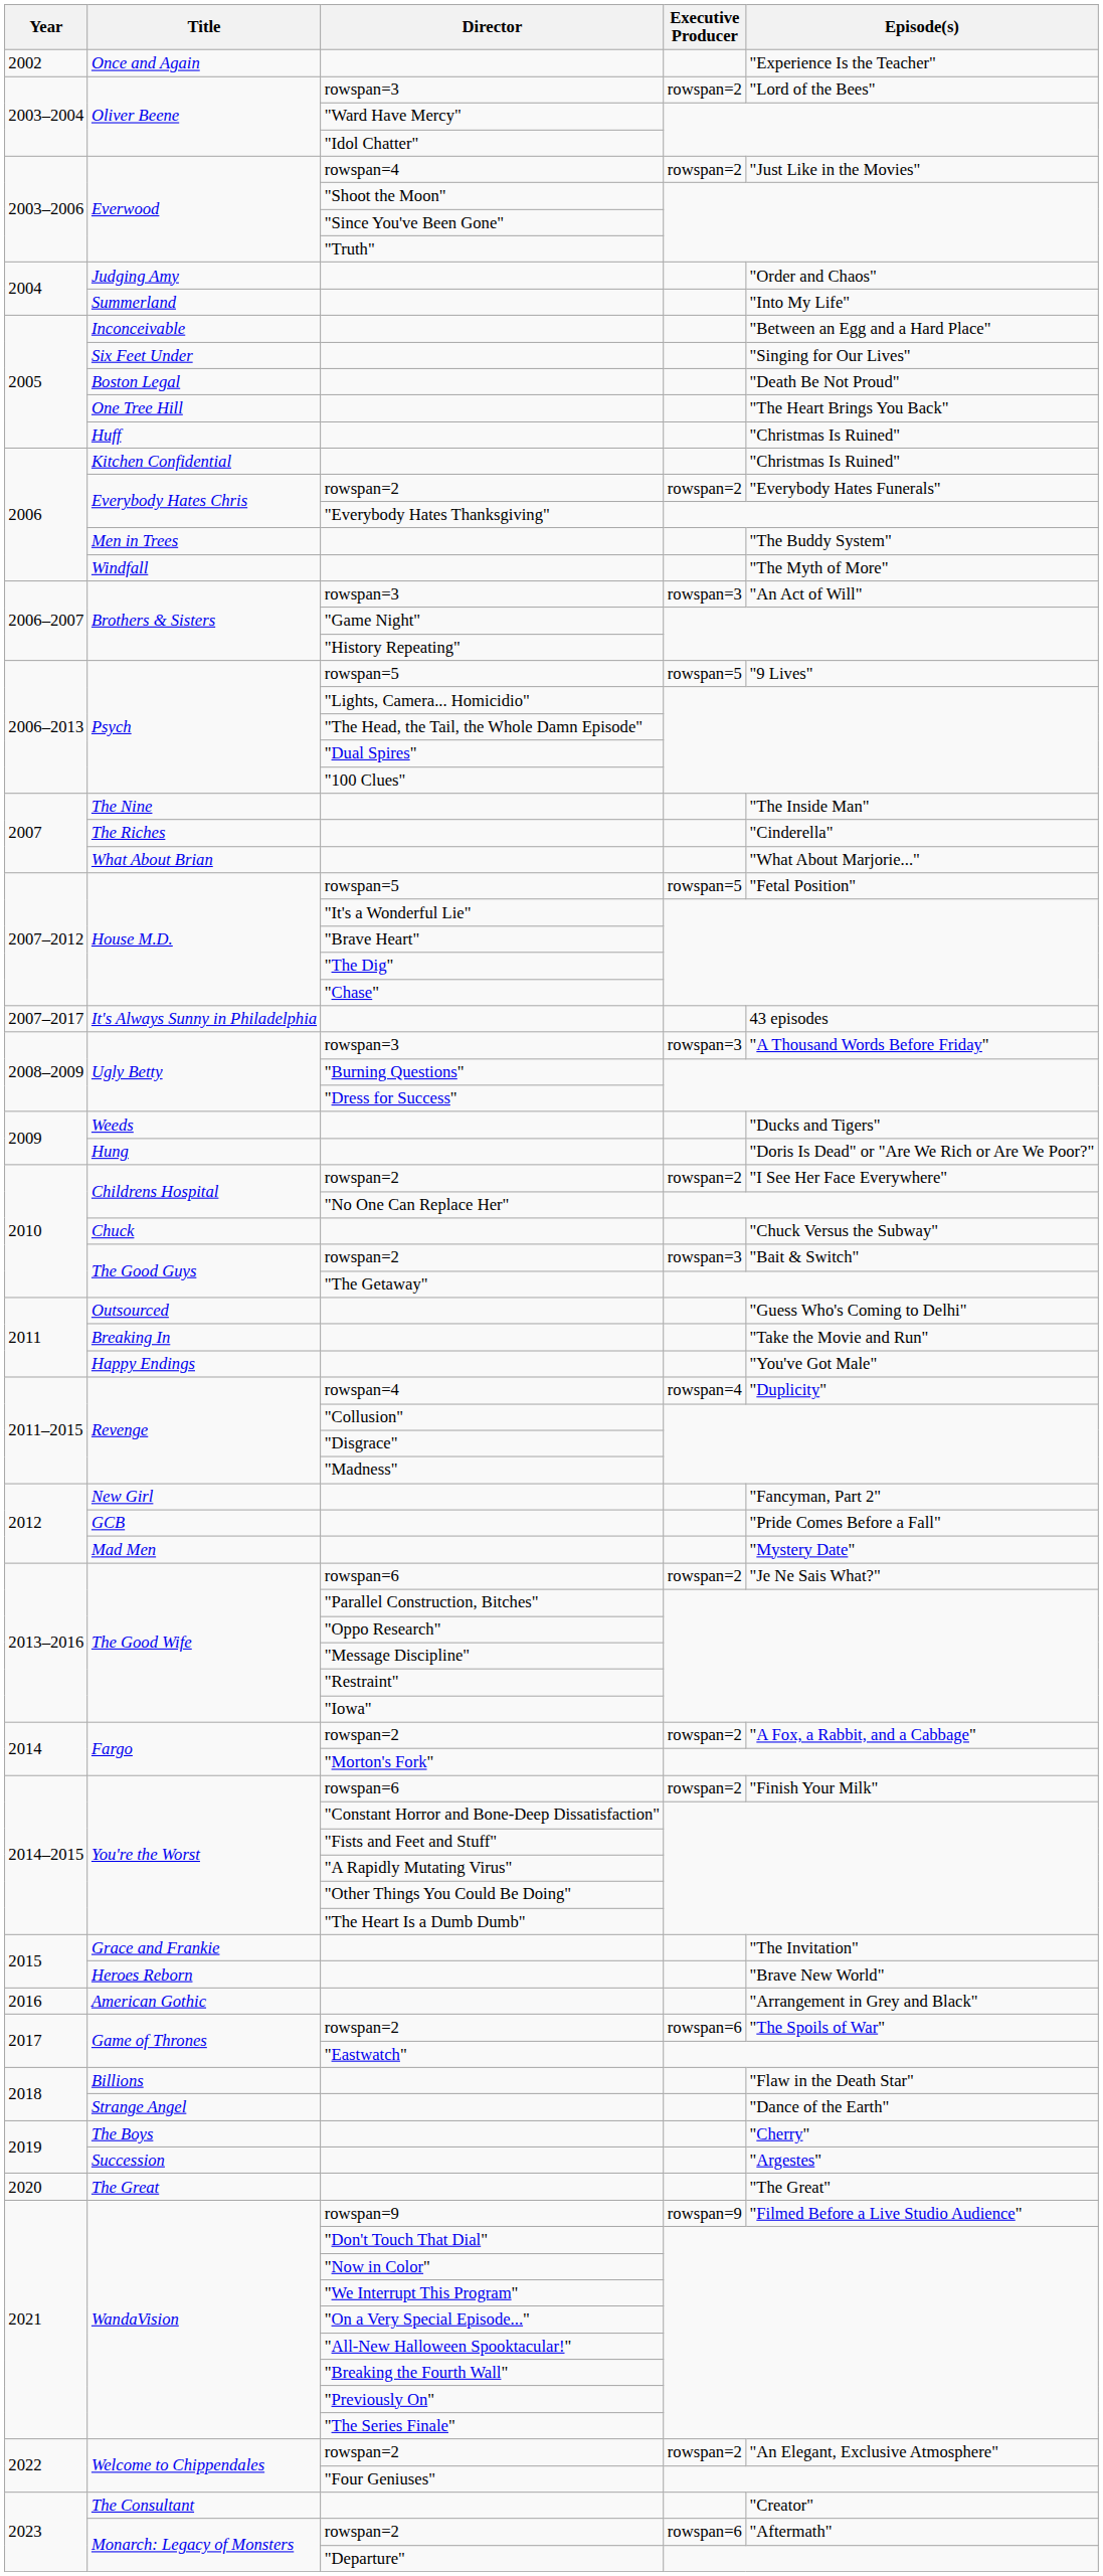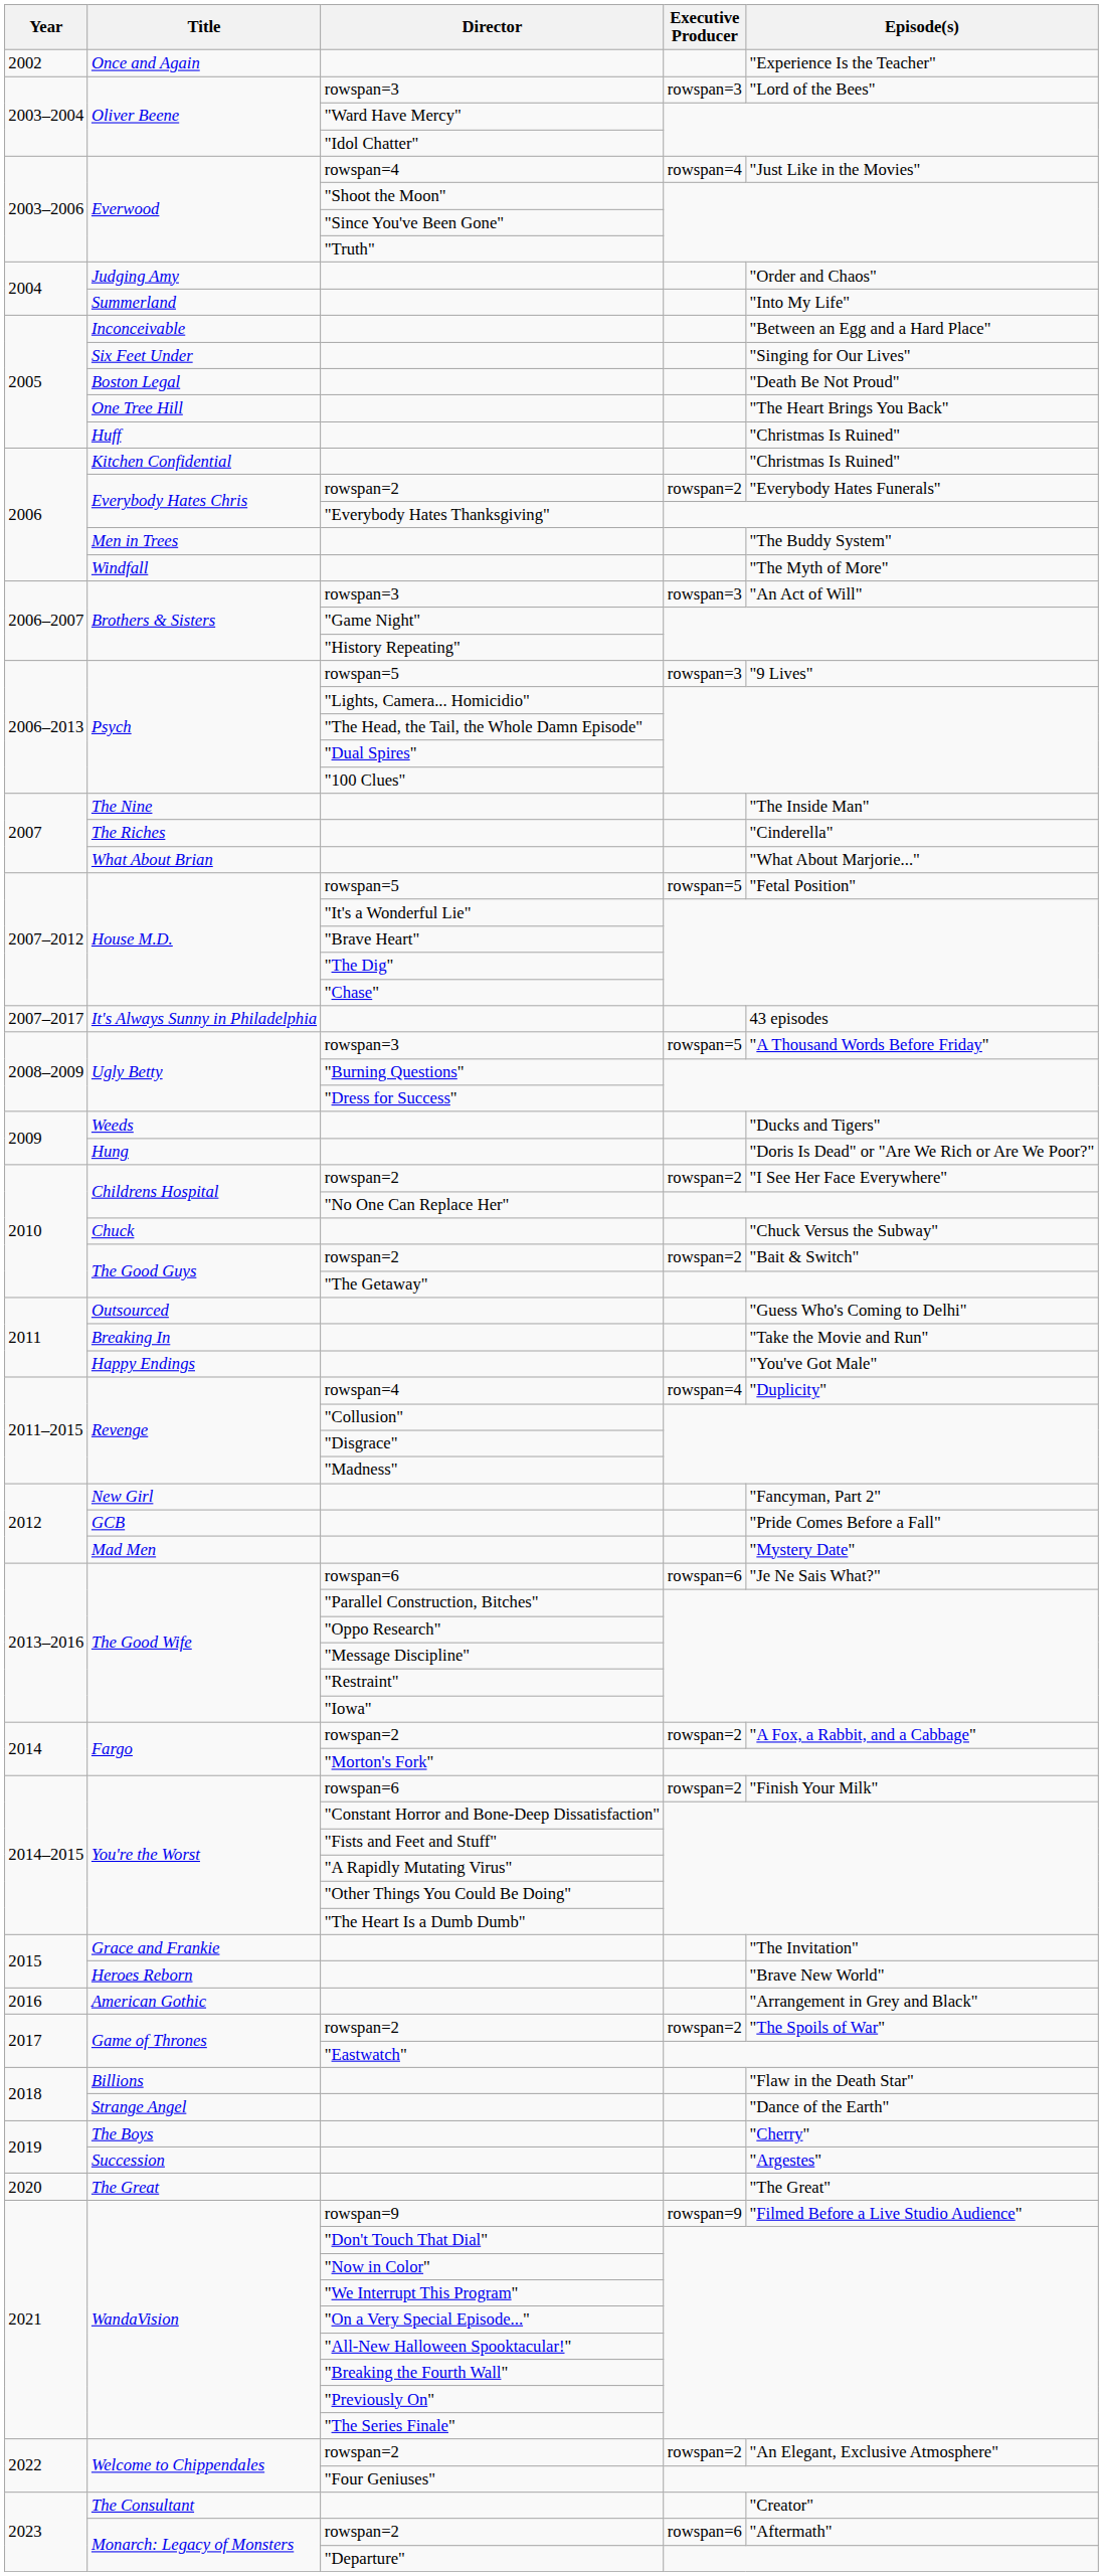 <table class="wikitable plainrowheaders">
 <tr>
 <th>Year</th>
 <th>Title</th>
 <th>Director</th>
 <th>Executive<br>Producer</th>
 <th>Episode(s)</th>
 </tr>
 <tr>
 <td>2002</td>
 <td><em><a href='#'>Once and Again</a></em></td>
 <td></td>
 <td></td>
 <td>"Experience Is the Teacher"</td>
 </tr>
 <tr>
 <td rowspan=3>2003–2004</td>
 <td rowspan=3><em><a href='#'>Oliver Beene</a></em></td>
 <td>rowspan=3 </td>
-<td>rowspan=2 </td>
+<td>rowspan=3 </td>
 <td>"Lord of the Bees"</td>
 </tr>
 <tr>
 <td>"Ward Have Mercy"</td>
 </tr>
 <tr>
 <td>"Idol Chatter"</td>
 </tr>
 <tr>
 <td rowspan=4>2003–2006</td>
 <td rowspan=4><em><a href='#'>Everwood</a></em></td>
 <td>rowspan=4 </td>
-<td>rowspan=2 </td>
+<td>rowspan=4 </td>
 <td>"Just Like in the Movies"</td>
 </tr>
 <tr>
 <td>"Shoot the Moon"</td>
 </tr>
 <tr>
 <td>"Since You've Been Gone"</td>
 </tr>
 <tr>
 <td>"Truth"</td>
 </tr>
 <tr>
 <td rowspan=2>2004</td>
 <td><em><a href='#'>Judging Amy</a></em></td>
 <td></td>
 <td></td>
 <td>"Order and Chaos"</td>
 </tr>
 <tr>
 <td><em><a href='#'>Summerland</a></em></td>
 <td></td>
 <td></td>
 <td>"Into My Life"</td>
 </tr>
 <tr>
 <td rowspan=5>2005</td>
 <td><em><a href='#'>Inconceivable</a></em></td>
 <td></td>
 <td></td>
 <td>"Between an Egg and a Hard Place"</td>
 </tr>
 <tr>
 <td><em><a href='#'>Six Feet Under</a></em></td>
 <td></td>
 <td></td>
 <td>"Singing for Our Lives"</td>
 </tr>
 <tr>
 <td><em><a href='#'>Boston Legal</a></em></td>
 <td></td>
 <td></td>
 <td>"Death Be Not Proud"</td>
 </tr>
 <tr>
 <td><em><a href='#'>One Tree Hill</a></em></td>
 <td></td>
 <td></td>
 <td>"The Heart Brings You Back"</td>
 </tr>
 <tr>
 <td><em><a href='#'>Huff</a></em></td>
 <td></td>
 <td></td>
 <td>"Christmas Is Ruined"</td>
 </tr>
 <tr>
 <td rowspan=5>2006</td>
 <td><em><a href='#'>Kitchen Confidential</a></em></td>
 <td></td>
 <td></td>
 <td>"Christmas Is Ruined"</td>
 </tr>
 <tr>
 <td rowspan=2><em><a href='#'>Everybody Hates Chris</a></em></td>
 <td>rowspan=2 </td>
 <td>rowspan=2 </td>
 <td>"Everybody Hates Funerals"</td>
 </tr>
 <tr>
 <td>"Everybody Hates Thanksgiving"</td>
 </tr>
 <tr>
 <td><em><a href='#'>Men in Trees</a></em></td>
 <td></td>
 <td></td>
 <td>"The Buddy System"</td>
 </tr>
 <tr>
 <td><em><a href='#'>Windfall</a></em></td>
 <td></td>
 <td></td>
 <td>"The Myth of More"</td>
 </tr>
 <tr>
 <td rowspan=3>2006–2007</td>
 <td rowspan=3><em><a href='#'>Brothers & Sisters</a></em></td>
 <td>rowspan=3 </td>
 <td>rowspan=3 </td>
 <td>"An Act of Will"</td>
 </tr>
 <tr>
 <td>"Game Night"</td>
 </tr>
 <tr>
 <td>"History Repeating"</td>
 </tr>
 <tr>
 <td rowspan=5>2006–2013</td>
 <td rowspan=5><em><a href='#'>Psych</a></em></td>
 <td>rowspan=5 </td>
-<td>rowspan=5 </td>
+<td>rowspan=3 </td>
 <td>"9 Lives"</td>
 </tr>
 <tr>
 <td>"Lights, Camera... Homicidio"</td>
 </tr>
 <tr>
 <td>"The Head, the Tail, the Whole Damn Episode"</td>
 </tr>
 <tr>
 <td>"<a href='#'>Dual Spires</a>"</td>
 </tr>
 <tr>
 <td>"100 Clues"</td>
 </tr>
 <tr>
 <td rowspan=3>2007</td>
 <td><em><a href='#'>The Nine</a></em></td>
 <td></td>
 <td></td>
 <td>"The Inside Man"</td>
 </tr>
 <tr>
 <td><em><a href='#'>The Riches</a></em></td>
 <td></td>
 <td></td>
 <td>"Cinderella"</td>
 </tr>
 <tr>
 <td><em><a href='#'>What About Brian</a></em></td>
 <td></td>
 <td></td>
 <td>"What About Marjorie..."</td>
 </tr>
 <tr>
 <td rowspan=5>2007–2012</td>
 <td rowspan=5><em><a href='#'>House M.D.</a></em></td>
 <td>rowspan=5 </td>
 <td>rowspan=5 </td>
 <td>"Fetal Position"</td>
 </tr>
 <tr>
 <td>"It's a Wonderful Lie"</td>
 </tr>
 <tr>
 <td>"Brave Heart"</td>
 </tr>
 <tr>
 <td>"<a href='#'>The Dig</a>"</td>
 </tr>
 <tr>
 <td>"<a href='#'>Chase</a>"</td>
 </tr>
 <tr>
 <td>2007–2017</td>
 <td><em><a href='#'>It's Always Sunny in Philadelphia</a></em></td>
 <td></td>
 <td></td>
 <td>43 episodes</td>
 </tr>
 <tr>
 <td rowspan=3>2008–2009</td>
 <td rowspan=3><em><a href='#'>Ugly Betty</a></em></td>
 <td>rowspan=3 </td>
-<td>rowspan=3 </td>
+<td>rowspan=5 </td>
 <td>"<a href='#'>A Thousand Words Before Friday</a>"</td>
 </tr>
 <tr>
 <td>"<a href='#'>Burning Questions</a>"</td>
 </tr>
 <tr>
 <td>"<a href='#'>Dress for Success</a>"</td>
 </tr>
 <tr>
 <td rowspan=2>2009</td>
 <td><em><a href='#'>Weeds</a></em></td>
 <td></td>
 <td></td>
 <td>"Ducks and Tigers"</td>
 </tr>
 <tr>
 <td><em><a href='#'>Hung</a></em></td>
 <td></td>
 <td></td>
 <td>"Doris Is Dead" or "Are We Rich or Are We Poor?"</td>
 </tr>
 <tr>
 <td rowspan=5>2010</td>
 <td rowspan=2><em><a href='#'>Childrens Hospital</a></em></td>
 <td>rowspan=2 </td>
 <td>rowspan=2 </td>
 <td>"I See Her Face Everywhere"</td>
 </tr>
 <tr>
 <td>"No One Can Replace Her"</td>
 </tr>
 <tr>
 <td><em><a href='#'>Chuck</a></em></td>
 <td></td>
 <td></td>
 <td>"Chuck Versus the Subway"</td>
 </tr>
 <tr>
 <td rowspan=2><em><a href='#'>The Good Guys</a></em></td>
 <td>rowspan=2 </td>
-<td>rowspan=3 </td>
+<td>rowspan=2 </td>
 <td>"Bait & Switch"</td>
 </tr>
 <tr>
 <td>"The Getaway"</td>
 </tr>
 <tr>
 <td rowspan=3>2011</td>
 <td><em><a href='#'>Outsourced</a></em></td>
 <td></td>
 <td></td>
 <td>"Guess Who's Coming to Delhi"</td>
 </tr>
 <tr>
 <td><em><a href='#'>Breaking In</a></em></td>
 <td></td>
 <td></td>
 <td>"Take the Movie and Run"</td>
 </tr>
 <tr>
 <td><em><a href='#'>Happy Endings</a></em></td>
 <td></td>
 <td></td>
 <td>"You've Got Male"</td>
 </tr>
 <tr>
 <td rowspan=4>2011–2015</td>
 <td rowspan=4><em><a href='#'>Revenge</a></em></td>
 <td>rowspan=4 </td>
 <td>rowspan=4 </td>
 <td>"<a href='#'>Duplicity</a>"</td>
 </tr>
 <tr>
 <td>"Collusion"</td>
 </tr>
 <tr>
 <td>"Disgrace"</td>
 </tr>
 <tr>
 <td>"Madness"</td>
 </tr>
 <tr>
 <td rowspan=3>2012</td>
 <td><em><a href='#'>New Girl</a></em></td>
 <td></td>
 <td></td>
 <td>"Fancyman, Part 2"</td>
 </tr>
 <tr>
 <td><em><a href='#'>GCB</a></em></td>
 <td></td>
 <td></td>
 <td>"Pride Comes Before a Fall"</td>
 </tr>
 <tr>
 <td><em><a href='#'>Mad Men</a></em></td>
 <td></td>
 <td></td>
 <td>"<a href='#'>Mystery Date</a>"</td>
 </tr>
 <tr>
 <td rowspan=6>2013–2016</td>
 <td rowspan=6><em><a href='#'>The Good Wife</a></em></td>
 <td>rowspan=6 </td>
-<td>rowspan=2 </td>
+<td>rowspan=6 </td>
 <td>"Je Ne Sais What?"</td>
 </tr>
 <tr>
 <td>"Parallel Construction, Bitches"</td>
 </tr>
 <tr>
 <td>"Oppo Research"</td>
 </tr>
 <tr>
 <td>"Message Discipline"</td>
 </tr>
 <tr>
 <td>"Restraint"</td>
 </tr>
 <tr>
 <td>"Iowa"</td>
 </tr>
 <tr>
 <td rowspan=2>2014</td>
 <td rowspan=2><em><a href='#'>Fargo</a></em></td>
 <td>rowspan=2 </td>
 <td>rowspan=2 </td>
 <td>"<a href='#'>A Fox, a Rabbit, and a Cabbage</a>"</td>
 </tr>
 <tr>
 <td>"<a href='#'>Morton's Fork</a>"</td>
 </tr>
 <tr>
 <td rowspan=6>2014–2015</td>
 <td rowspan=6><em><a href='#'>You're the Worst</a></em></td>
 <td>rowspan=6 </td>
 <td>rowspan=2 </td>
 <td>"Finish Your Milk"</td>
 </tr>
 <tr>
 <td>"Constant Horror and Bone-Deep Dissatisfaction"</td>
 </tr>
 <tr>
 <td>"Fists and Feet and Stuff"</td>
 </tr>
 <tr>
 <td>"A Rapidly Mutating Virus"</td>
 </tr>
 <tr>
 <td>"Other Things You Could Be Doing"</td>
 </tr>
 <tr>
 <td>"The Heart Is a Dumb Dumb"</td>
 </tr>
 <tr>
 <td rowspan=2>2015</td>
 <td><em><a href='#'>Grace and Frankie</a></em></td>
 <td></td>
 <td></td>
 <td>"The Invitation"</td>
 </tr>
 <tr>
 <td><em><a href='#'>Heroes Reborn</a></em></td>
 <td></td>
 <td></td>
 <td>"Brave New World"</td>
 </tr>
 <tr>
 <td>2016</td>
 <td><em><a href='#'>American Gothic</a></em></td>
 <td></td>
 <td></td>
 <td>"Arrangement in Grey and Black"</td>
 </tr>
 <tr>
 <td rowspan=2>2017</td>
 <td rowspan=2><em><a href='#'>Game of Thrones</a></em></td>
 <td>rowspan=2 </td>
-<td>rowspan=6 </td>
+<td>rowspan=2 </td>
 <td>"<a href='#'>The Spoils of War</a>"</td>
 </tr>
 <tr>
 <td>"<a href='#'>Eastwatch</a>"</td>
 </tr>
 <tr>
 <td rowspan=2>2018</td>
 <td><em><a href='#'>Billions</a></em></td>
 <td></td>
 <td></td>
 <td>"Flaw in the Death Star"</td>
 </tr>
 <tr>
 <td><em><a href='#'>Strange Angel</a></em></td>
 <td></td>
 <td></td>
 <td>"Dance of the Earth"</td>
 </tr>
 <tr>
 <td rowspan=2>2019</td>
 <td><em><a href='#'>The Boys</a></em></td>
 <td></td>
 <td></td>
 <td>"<a href='#'>Cherry</a>"</td>
 </tr>
 <tr>
 <td><em><a href='#'>Succession</a></em></td>
 <td></td>
 <td></td>
 <td>"<a href='#'>Argestes</a>"</td>
 </tr>
 <tr>
 <td>2020</td>
 <td><em><a href='#'>The Great</a></em></td>
 <td></td>
 <td></td>
 <td>"The Great"</td>
 </tr>
 <tr>
 <td rowspan=9>2021</td>
 <td rowspan=9><em><a href='#'>WandaVision</a></em></td>
 <td>rowspan=9 </td>
 <td>rowspan=9 </td>
 <td>"<a href='#'>Filmed Before a Live Studio Audience</a>"</td>
 </tr>
 <tr>
 <td>"<a href='#'>Don't Touch That Dial</a>"</td>
 </tr>
 <tr>
 <td>"<a href='#'>Now in Color</a>"</td>
 </tr>
 <tr>
 <td>"<a href='#'>We Interrupt This Program</a>"</td>
 </tr>
 <tr>
 <td>"<a href='#'>On a Very Special Episode...</a>"</td>
 </tr>
 <tr>
 <td>"<a href='#'>All-New Halloween Spooktacular!</a>"</td>
 </tr>
 <tr>
 <td>"<a href='#'>Breaking the Fourth Wall</a>"</td>
 </tr>
 <tr>
 <td>"<a href='#'>Previously On</a>"</td>
 </tr>
 <tr>
 <td>"<a href='#'>The Series Finale</a>"</td>
 </tr>
 <tr>
 <td rowspan=2>2022</td>
 <td rowspan=2><em><a href='#'>Welcome to Chippendales</a></em></td>
 <td>rowspan=2 </td>
 <td>rowspan=2 </td>
 <td>"An Elegant, Exclusive Atmosphere"</td>
 </tr>
 <tr>
 <td>"Four Geniuses"</td>
 </tr>
 <tr>
 <td rowspan=3>2023</td>
 <td><em><a href='#'>The Consultant</a></em></td>
 <td></td>
 <td></td>
 <td>"Creator"</td>
 </tr>
 <tr>
 <td rowspan=2><em><a href='#'>Monarch: Legacy of Monsters</a></em></td>
 <td>rowspan=2 </td>
 <td>rowspan=6 </td>
 <td>"Aftermath"</td>
 </tr>
 <tr>
 <td>"Departure"</td>
 </tr>
 </table>
